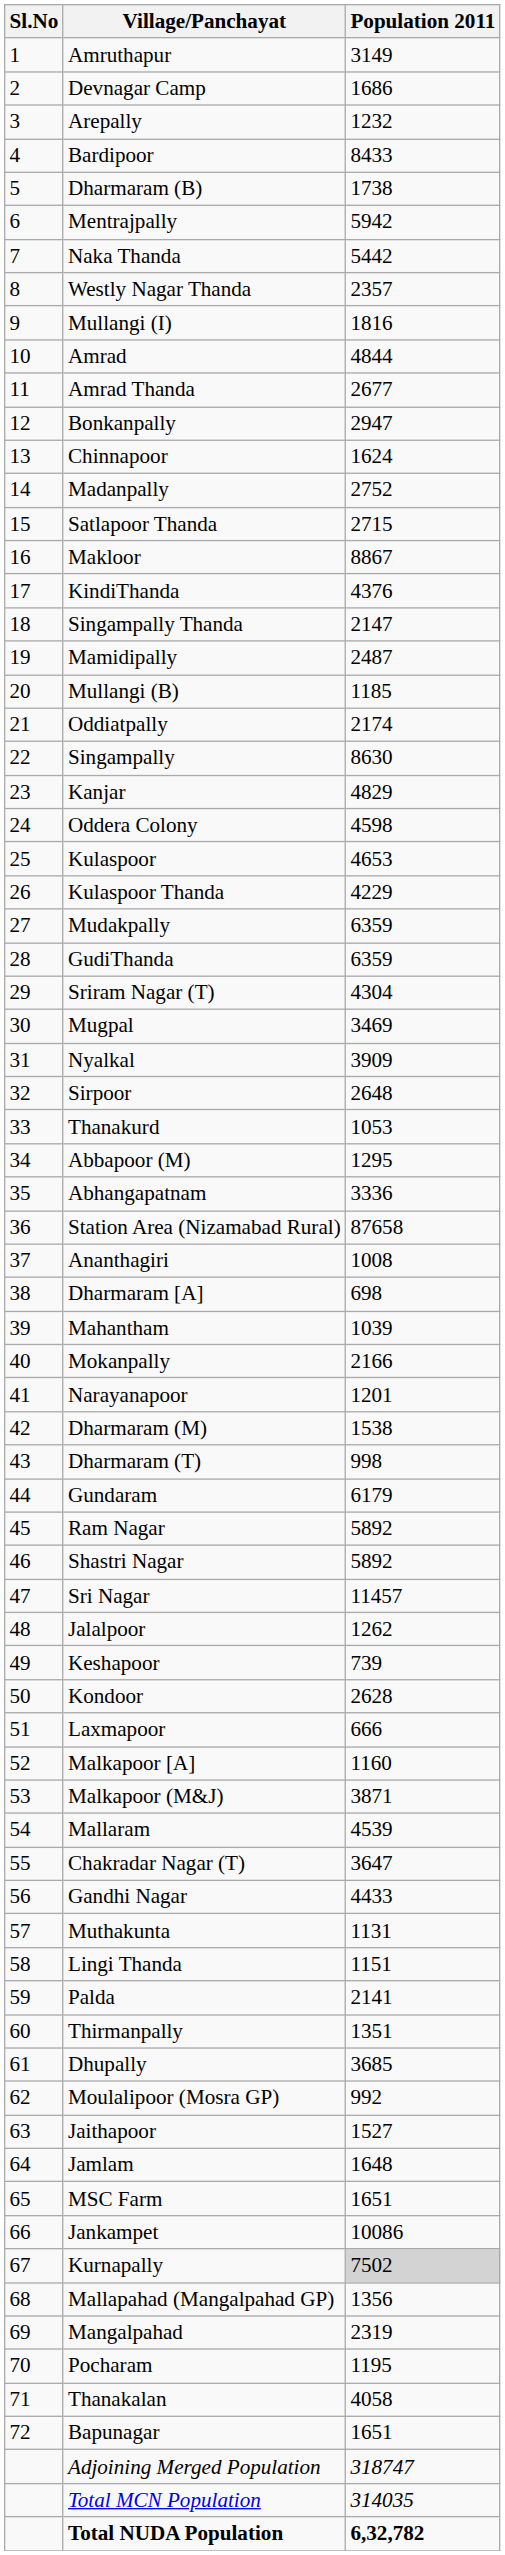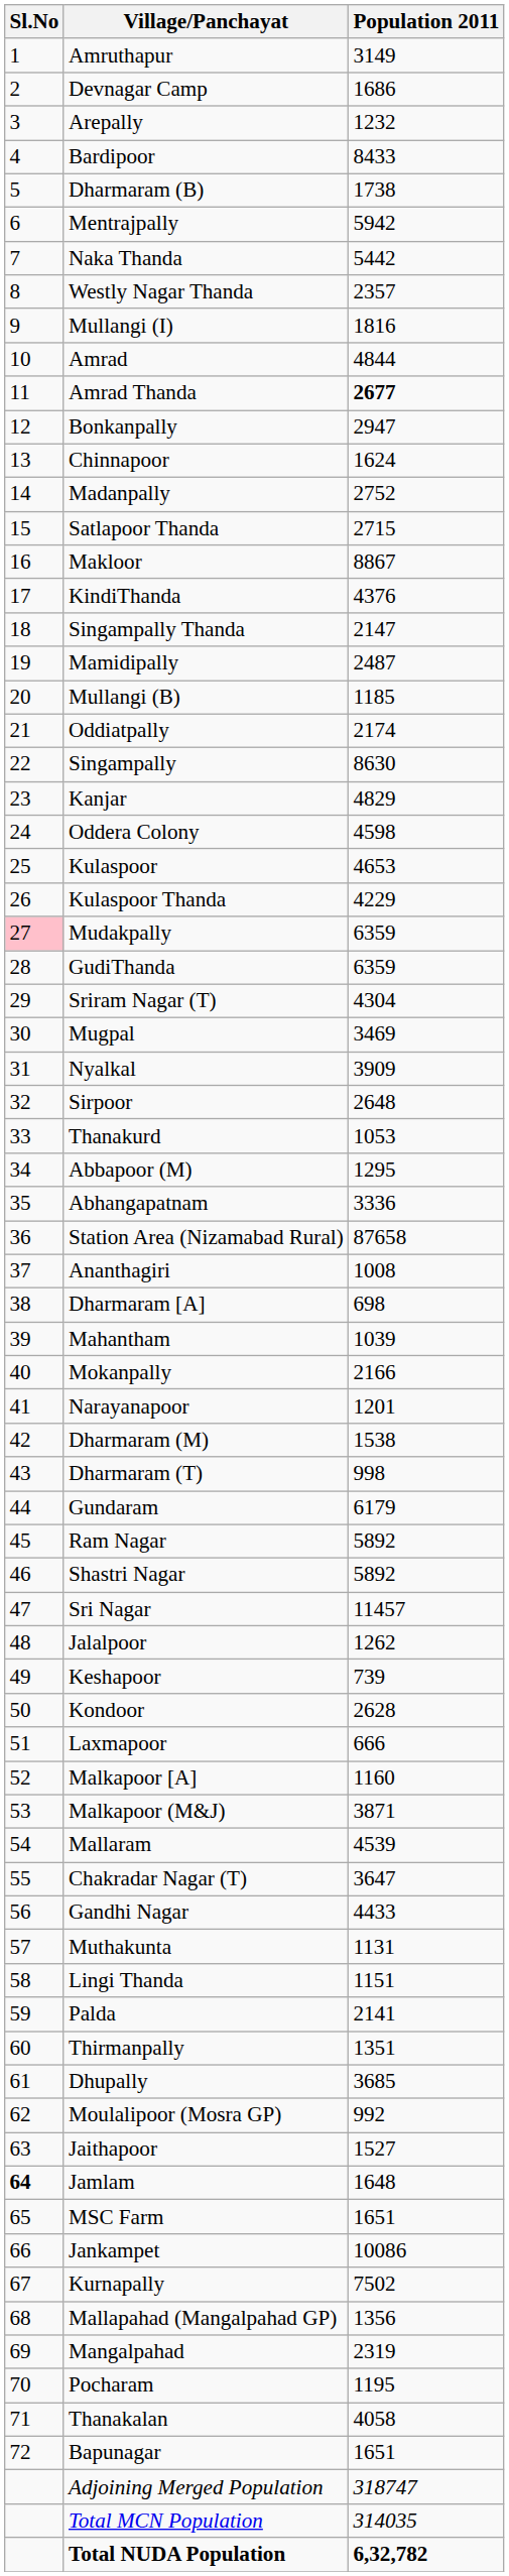 <table class="wikitable">
 <tr>
 <th>Sl.No</th>
 <th>Village/Panchayat</th>
 <th>Population 2011</th>
 </tr>
 <tr>
 <td>1</td>
 <td>Amruthapur</td>
 <td>3149</td>
 </tr>
 <tr>
 <td>2</td>
 <td>Devnagar Camp</td>
 <td>1686</td>
 </tr>
 <tr>
 <td>3</td>
 <td>Arepally</td>
 <td>1232</td>
 </tr>
 <tr>
 <td>4</td>
 <td>Bardipoor</td>
 <td>8433</td>
 </tr>
 <tr>
 <td>5</td>
 <td>Dharmaram (B)</td>
 <td>1738</td>
 </tr>
 <tr>
 <td>6</td>
 <td>Mentrajpally</td>
 <td>5942</td>
 </tr>
 <tr>
 <td>7</td>
 <td>Naka Thanda</td>
 <td>5442</td>
 </tr>
 <tr>
 <td>8</td>
 <td>Westly Nagar Thanda</td>
 <td>2357</td>
 </tr>
 <tr>
 <td>9</td>
 <td>Mullangi (I)</td>
 <td>1816</td>
 </tr>
 <tr>
 <td>10</td>
 <td>Amrad</td>
 <td>4844</td>
 </tr>
 <tr>
 <td>11</td>
 <td>Amrad Thanda</td>
-<td>2677</td>
+<td><strong>2677</strong></td>
 </tr>
 <tr>
 <td>12</td>
 <td>Bonkanpally</td>
 <td>2947</td>
 </tr>
 <tr>
 <td>13</td>
 <td>Chinnapoor</td>
 <td>1624</td>
 </tr>
 <tr>
 <td>14</td>
 <td>Madanpally</td>
 <td>2752</td>
 </tr>
 <tr>
 <td>15</td>
 <td>Satlapoor Thanda</td>
 <td>2715</td>
 </tr>
 <tr>
 <td>16</td>
 <td>Makloor</td>
 <td>8867</td>
 </tr>
 <tr>
 <td>17</td>
 <td>KindiThanda</td>
 <td>4376</td>
 </tr>
 <tr>
 <td>18</td>
 <td>Singampally Thanda</td>
 <td>2147</td>
 </tr>
 <tr>
 <td>19</td>
 <td>Mamidipally</td>
 <td>2487</td>
 </tr>
 <tr>
 <td>20</td>
 <td>Mullangi (B)</td>
 <td>1185</td>
 </tr>
 <tr>
 <td>21</td>
 <td>Oddiatpally</td>
 <td>2174</td>
 </tr>
 <tr>
 <td>22</td>
 <td>Singampally</td>
 <td>8630</td>
 </tr>
 <tr>
 <td>23</td>
 <td>Kanjar</td>
 <td>4829</td>
 </tr>
 <tr>
 <td>24</td>
 <td>Oddera Colony</td>
 <td>4598</td>
 </tr>
 <tr>
 <td>25</td>
 <td>Kulaspoor</td>
 <td>4653</td>
 </tr>
 <tr>
 <td>26</td>
 <td>Kulaspoor Thanda</td>
 <td>4229</td>
 </tr>
 <tr>
-<td>27</td>
+<td style="background: pink;">27</td>
 <td>Mudakpally</td>
 <td>6359</td>
 </tr>
 <tr>
 <td>28</td>
 <td>GudiThanda</td>
 <td>6359</td>
 </tr>
 <tr>
 <td>29</td>
 <td>Sriram Nagar (T)</td>
 <td>4304</td>
 </tr>
 <tr>
 <td>30</td>
 <td>Mugpal</td>
 <td>3469</td>
 </tr>
 <tr>
 <td>31</td>
 <td>Nyalkal</td>
 <td>3909</td>
 </tr>
 <tr>
 <td>32</td>
 <td>Sirpoor</td>
 <td>2648</td>
 </tr>
 <tr>
 <td>33</td>
 <td>Thanakurd</td>
 <td>1053</td>
 </tr>
 <tr>
 <td>34</td>
 <td>Abbapoor (M)</td>
 <td>1295</td>
 </tr>
 <tr>
 <td>35</td>
 <td>Abhangapatnam</td>
 <td>3336</td>
 </tr>
 <tr>
 <td>36</td>
 <td>Station Area (Nizamabad Rural)</td>
 <td>87658</td>
 </tr>
 <tr>
 <td>37</td>
 <td>Ananthagiri</td>
 <td>1008</td>
 </tr>
 <tr>
 <td>38</td>
 <td>Dharmaram [A]</td>
 <td>698</td>
 </tr>
 <tr>
 <td>39</td>
 <td>Mahantham</td>
 <td>1039</td>
 </tr>
 <tr>
 <td>40</td>
 <td>Mokanpally</td>
 <td>2166</td>
 </tr>
 <tr>
 <td>41</td>
 <td>Narayanapoor</td>
 <td>1201</td>
 </tr>
 <tr>
 <td>42</td>
 <td>Dharmaram (M)</td>
 <td>1538</td>
 </tr>
 <tr>
 <td>43</td>
 <td>Dharmaram (T)</td>
 <td>998</td>
 </tr>
 <tr>
 <td>44</td>
 <td>Gundaram</td>
 <td>6179</td>
 </tr>
 <tr>
 <td>45</td>
 <td>Ram Nagar</td>
 <td>5892</td>
 </tr>
 <tr>
 <td>46</td>
 <td>Shastri Nagar</td>
 <td>5892</td>
 </tr>
 <tr>
 <td>47</td>
 <td>Sri Nagar</td>
 <td>11457</td>
 </tr>
 <tr>
 <td>48</td>
 <td>Jalalpoor</td>
 <td>1262</td>
 </tr>
 <tr>
 <td>49</td>
 <td>Keshapoor</td>
 <td>739</td>
 </tr>
 <tr>
 <td>50</td>
 <td>Kondoor</td>
 <td>2628</td>
 </tr>
 <tr>
 <td>51</td>
 <td>Laxmapoor</td>
 <td>666</td>
 </tr>
 <tr>
 <td>52</td>
 <td>Malkapoor [A]</td>
 <td>1160</td>
 </tr>
 <tr>
 <td>53</td>
 <td>Malkapoor (M&J)</td>
 <td>3871</td>
 </tr>
 <tr>
 <td>54</td>
 <td>Mallaram</td>
 <td>4539</td>
 </tr>
 <tr>
 <td>55</td>
 <td>Chakradar Nagar (T)</td>
 <td>3647</td>
 </tr>
 <tr>
 <td>56</td>
 <td>Gandhi Nagar</td>
 <td>4433</td>
 </tr>
 <tr>
 <td>57</td>
 <td>Muthakunta</td>
 <td>1131</td>
 </tr>
 <tr>
 <td>58</td>
 <td>Lingi Thanda</td>
 <td>1151</td>
 </tr>
 <tr>
 <td>59</td>
 <td>Palda</td>
 <td>2141</td>
 </tr>
 <tr>
 <td>60</td>
 <td>Thirmanpally</td>
 <td>1351</td>
 </tr>
 <tr>
 <td>61</td>
 <td>Dhupally</td>
 <td>3685</td>
 </tr>
 <tr>
 <td>62</td>
 <td>Moulalipoor (Mosra GP)</td>
 <td>992</td>
 </tr>
 <tr>
 <td>63</td>
 <td>Jaithapoor</td>
 <td>1527</td>
 </tr>
 <tr>
-<td>64</td>
+<td><strong>64</strong></td>
 <td>Jamlam</td>
 <td>1648</td>
 </tr>
 <tr>
 <td>65</td>
 <td>MSC Farm</td>
 <td>1651</td>
 </tr>
 <tr>
 <td>66</td>
 <td>Jankampet</td>
 <td>10086</td>
 </tr>
 <tr>
 <td>67</td>
 <td>Kurnapally</td>
-<td style="background: lightgrey;">7502</td>
+<td>7502</td>
 </tr>
 <tr>
 <td>68</td>
 <td>Mallapahad (Mangalpahad GP)</td>
 <td>1356</td>
 </tr>
 <tr>
 <td>69</td>
 <td>Mangalpahad</td>
 <td>2319</td>
 </tr>
 <tr>
 <td>70</td>
 <td>Pocharam</td>
 <td>1195</td>
 </tr>
 <tr>
 <td>71</td>
 <td>Thanakalan</td>
 <td>4058</td>
 </tr>
 <tr>
 <td>72</td>
 <td>Bapunagar</td>
 <td>1651</td>
 </tr>
 <tr>
 <td></td>
 <td><em>Adjoining Merged Population</em></td>
 <td><em>318747</em></td>
 </tr>
 <tr>
 <td></td>
 <td><em><a href='#'>Total MCN Population</a></em></td>
 <td><em>314035</em></td>
 </tr>
 <tr>
 <td></td>
 <td><strong>Total NUDA Population</strong></td>
 <td><strong>6,32,782</strong></td>
 </tr>
 </table>
